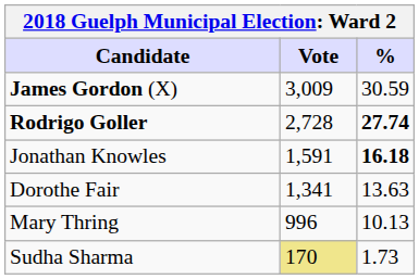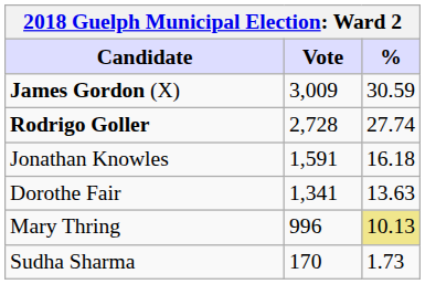 <table class=wikitable>
 <tr>
 <th colspan="3"><a href='#'>2018 Guelph Municipal Election</a>: Ward 2</th>
 </tr>
 <tr>
 <th style="background:#ddf; width:200px;">Candidate</th>
 <th style="background:#ddf; width:50px;">Vote</th>
 <th style="background:#ddf; width:30px;">%</th>
 </tr>
 <tr>
 <td><strong>James Gordon</strong> (X)</td>
 <td>3,009</td>
 <td>30.59</td>
 </tr>
 <tr>
 <td><strong>Rodrigo Goller</strong></td>
 <td>2,728</td>
-<td><strong>27.74</strong></td>
+<td>27.74</td>
 </tr>
 <tr>
 <td>Jonathan Knowles</td>
 <td>1,591</td>
-<td><strong>16.18</strong></td>
+<td>16.18</td>
 </tr>
 <tr>
 <td>Dorothe Fair</td>
 <td>1,341</td>
 <td>13.63</td>
 </tr>
 <tr>
 <td>Mary Thring</td>
 <td>996</td>
-<td>10.13</td>
+<td style="background: khaki;">10.13</td>
 </tr>
 <tr>
 <td>Sudha Sharma</td>
-<td style="background: khaki;">170</td>
+<td>170</td>
 <td>1.73</td>
 </tr>
 </table>
